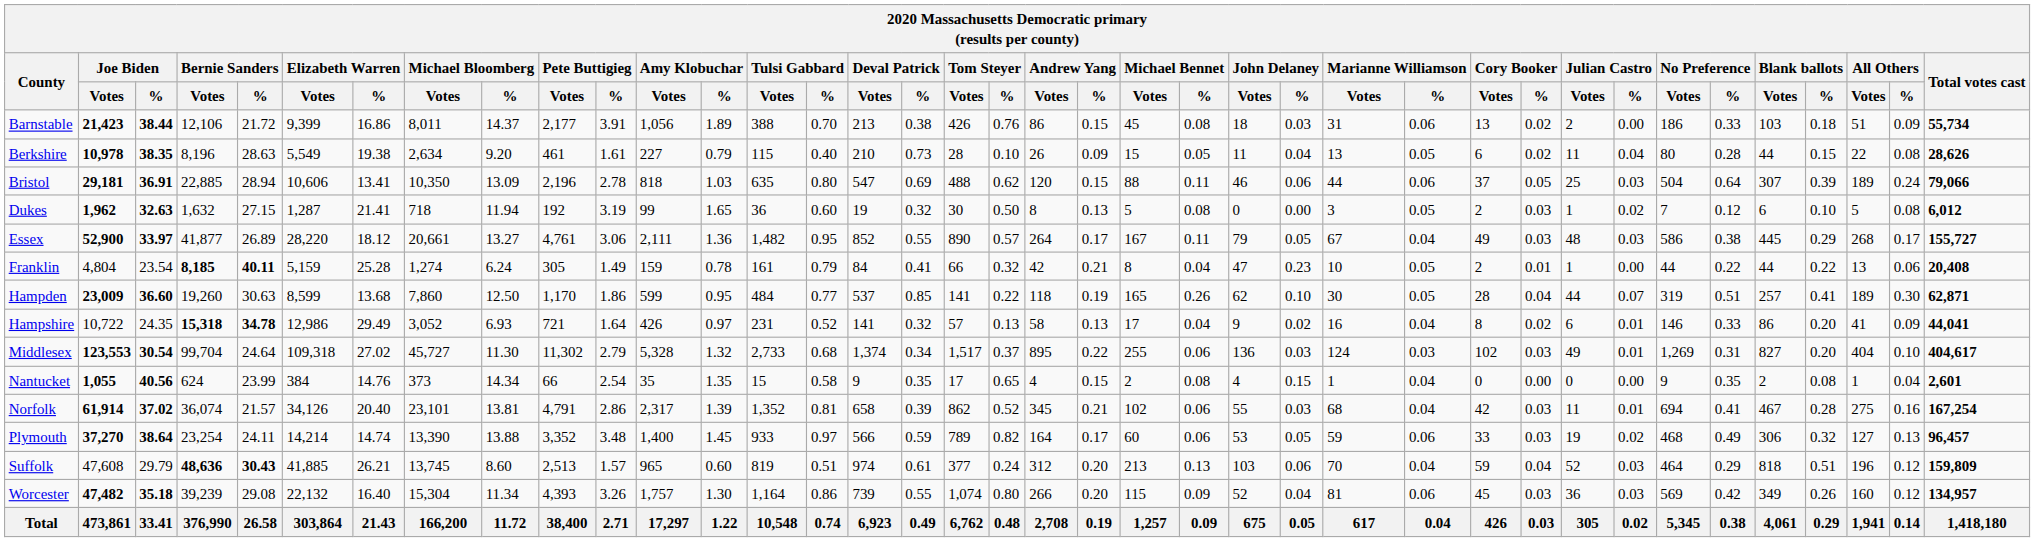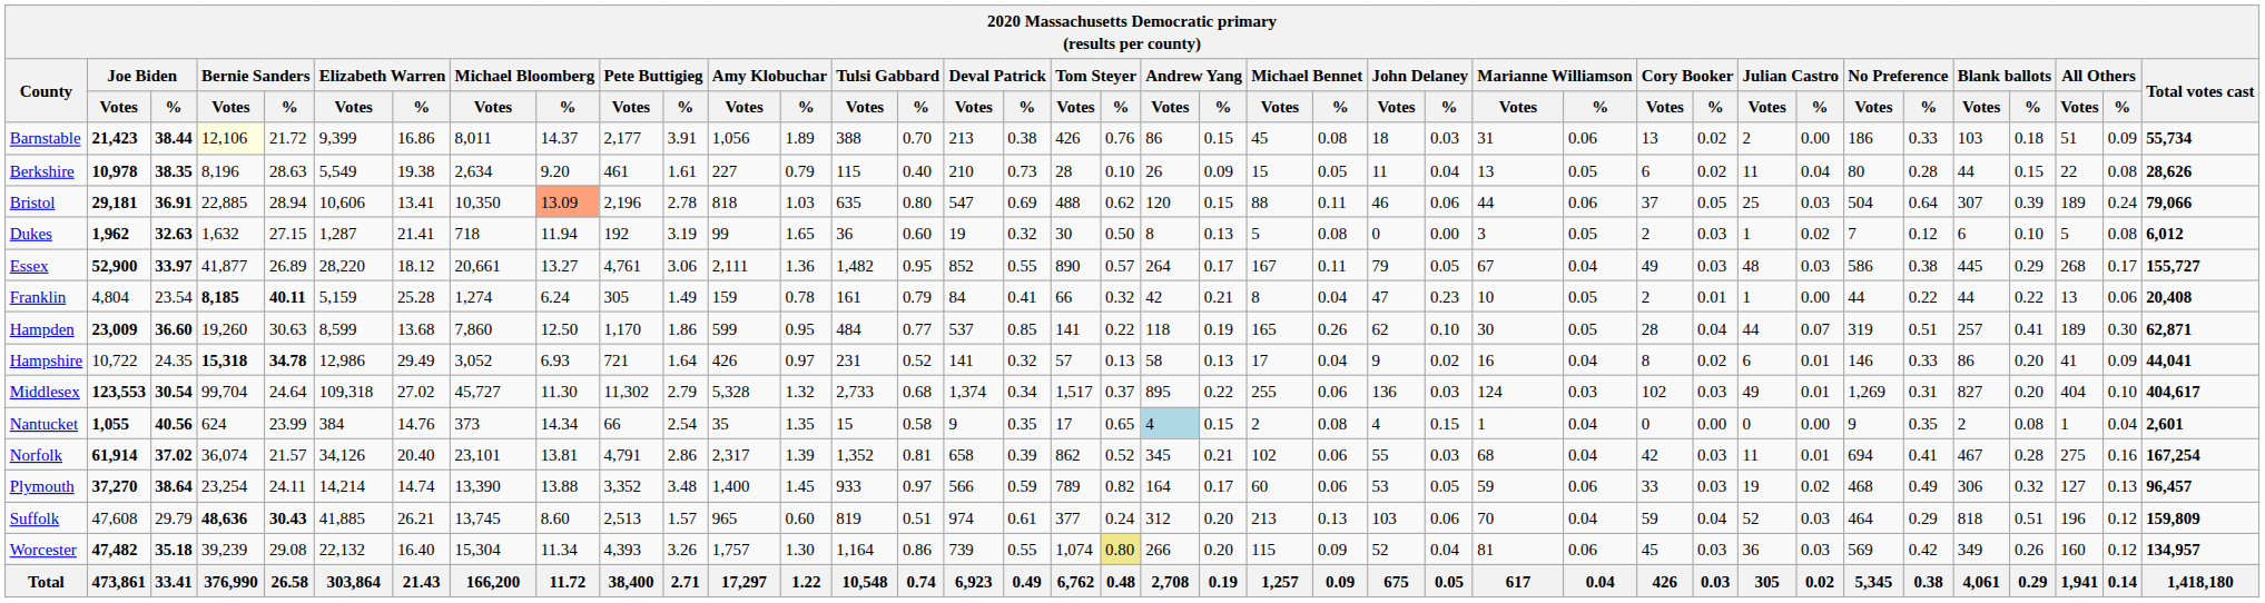 <table class="wikitable sortable mw-collapsible mw-collapsed">
 <tr>
 <th colspan="38"><small>2020 Massachusetts Democratic primary</small><br><small>(results per county)</small></th>
 </tr>
 <tr>
 <th rowspan="2"><small>County</small></th>
 <th colspan="2"><small>Joe Biden</small></th>
 <th colspan="2"><small>Bernie Sanders</small></th>
 <th colspan="2"><small>Elizabeth Warren</small></th>
 <th colspan="2"><small>Michael Bloomberg</small></th>
 <th colspan="2"><small>Pete Buttigieg</small></th>
 <th colspan="2"><small>Amy Klobuchar</small></th>
 <th colspan="2"><small>Tulsi Gabbard</small></th>
 <th colspan="2"><small>Deval Patrick</small></th>
 <th colspan="2"><small>Tom Steyer</small></th>
 <th colspan="2"><small>Andrew Yang</small></th>
 <th colspan="2"><small>Michael Bennet</small></th>
 <th colspan="2"><small>John Delaney</small></th>
 <th colspan="2"><small>Marianne Williamson</small></th>
 <th colspan="2"><small>Cory Booker</small></th>
 <th colspan="2"><small>Julian Castro</small></th>
 <th colspan="2"><small>No Preference</small></th>
 <th colspan="2"><small>Blank ballots</small></th>
 <th colspan="2"><small>All Others</small></th>
 <th rowspan="2"><small>Total votes cast</small></th>
 </tr>
 <tr>
 <th><small>Votes</small></th>
 <th><small>%</small></th>
 <th><small>Votes</small></th>
 <th><small>%</small></th>
 <th><small>Votes</small></th>
 <th><small>%</small></th>
 <th><small>Votes</small></th>
 <th><small>%</small></th>
 <th><small>Votes</small></th>
 <th><small>%</small></th>
 <th><small>Votes</small></th>
 <th><small>%</small></th>
 <th><small>Votes</small></th>
 <th><small>%</small></th>
 <th><small>Votes</small></th>
 <th><small>%</small></th>
 <th><small>Votes</small></th>
 <th><small>%</small></th>
 <th><small>Votes</small></th>
 <th><small>%</small></th>
 <th><small>Votes</small></th>
 <th><small>%</small></th>
 <th><small>Votes</small></th>
 <th><small>%</small></th>
 <th><small>Votes</small></th>
 <th><small>%</small></th>
 <th><small>Votes</small></th>
 <th><small>%</small></th>
 <th><small>Votes</small></th>
 <th><small>%</small></th>
 <th><small>Votes</small></th>
 <th><small>%</small></th>
 <th><small>Votes</small></th>
 <th><small>%</small></th>
 <th><small>Votes</small></th>
 <th><small>%</small></th>
 </tr>
 <tr>
 <td><a href='#'><small>Barnstable</small></a></td>
 <td><small><strong>21,423</strong></small></td>
 <td><small><strong>38.44</strong></small></td>
-<td><small>12,106</small></td>
+<td style="background: lightyellow;"><small>12,106</small></td>
 <td><small>21.72</small></td>
 <td><small>9,399</small></td>
 <td><small>16.86</small></td>
 <td><small>8,011</small></td>
 <td><small>14.37</small></td>
 <td><small>2,177</small></td>
 <td><small>3.91</small></td>
 <td><small>1,056</small></td>
 <td><small>1.89</small></td>
 <td><small>388</small></td>
 <td><small>0.70</small></td>
 <td><small>213</small></td>
 <td><small>0.38</small></td>
 <td><small>426</small></td>
 <td><small>0.76</small></td>
 <td><small>86</small></td>
 <td><small>0.15</small></td>
 <td><small>45</small></td>
 <td><small>0.08</small></td>
 <td><small>18</small></td>
 <td><small>0.03</small></td>
 <td><small>31</small></td>
 <td><small>0.06</small></td>
 <td><small>13</small></td>
 <td><small>0.02</small></td>
 <td><small>2</small></td>
 <td><small>0.00</small></td>
 <td><small>186</small></td>
 <td><small>0.33</small></td>
 <td><small>103</small></td>
 <td><small>0.18</small></td>
 <td><small>51</small></td>
 <td><small>0.09</small></td>
 <td><strong><small>55,734</small></strong></td>
 </tr>
 <tr>
 <td><a href='#'><small>Berkshire</small></a></td>
 <td><small><strong>10,978</strong></small></td>
 <td><small><strong>38.35</strong></small></td>
 <td><small>8,196</small></td>
 <td><small>28.63</small></td>
 <td><small>5,549</small></td>
 <td><small>19.38</small></td>
 <td><small>2,634</small></td>
 <td><small>9.20</small></td>
 <td><small>461</small></td>
 <td><small>1.61</small></td>
 <td><small>227</small></td>
 <td><small>0.79</small></td>
 <td><small>115</small></td>
 <td><small>0.40</small></td>
 <td><small>210</small></td>
 <td><small>0.73</small></td>
 <td><small>28</small></td>
 <td><small>0.10</small></td>
 <td><small>26</small></td>
 <td><small>0.09</small></td>
 <td><small>15</small></td>
 <td><small>0.05</small></td>
 <td><small>11</small></td>
 <td><small>0.04</small></td>
 <td><small>13</small></td>
 <td><small>0.05</small></td>
 <td><small>6</small></td>
 <td><small>0.02</small></td>
 <td><small>11</small></td>
 <td><small>0.04</small></td>
 <td><small>80</small></td>
 <td><small>0.28</small></td>
 <td><small>44</small></td>
 <td><small>0.15</small></td>
 <td><small>22</small></td>
 <td><small>0.08</small></td>
 <td><strong><small>28,626</small></strong></td>
 </tr>
 <tr>
 <td><a href='#'><small>Bristol</small></a></td>
 <td><small><strong>29,181</strong></small></td>
 <td><small><strong>36.91</strong></small></td>
 <td><small>22,885</small></td>
 <td><small>28.94</small></td>
 <td><small>10,606</small></td>
 <td><small>13.41</small></td>
 <td><small>10,350</small></td>
-<td><small>13.09</small></td>
+<td style="background: lightsalmon;"><small>13.09</small></td>
 <td><small>2,196</small></td>
 <td><small>2.78</small></td>
 <td><small>818</small></td>
 <td><small>1.03</small></td>
 <td><small>635</small></td>
 <td><small>0.80</small></td>
 <td><small>547</small></td>
 <td><small>0.69</small></td>
 <td><small>488</small></td>
 <td><small>0.62</small></td>
 <td><small>120</small></td>
 <td><small>0.15</small></td>
 <td><small>88</small></td>
 <td><small>0.11</small></td>
 <td><small>46</small></td>
 <td><small>0.06</small></td>
 <td><small>44</small></td>
 <td><small>0.06</small></td>
 <td><small>37</small></td>
 <td><small>0.05</small></td>
 <td><small>25</small></td>
 <td><small>0.03</small></td>
 <td><small>504</small></td>
 <td><small>0.64</small></td>
 <td><small>307</small></td>
 <td><small>0.39</small></td>
 <td><small>189</small></td>
 <td><small>0.24</small></td>
 <td><strong><small>79,066</small></strong></td>
 </tr>
 <tr>
 <td><a href='#'><small>Dukes</small></a></td>
 <td><small><strong>1,962</strong></small></td>
 <td><small><strong>32.63</strong></small></td>
 <td><small>1,632</small></td>
 <td><small>27.15</small></td>
 <td><small>1,287</small></td>
 <td><small>21.41</small></td>
 <td><small>718</small></td>
 <td><small>11.94</small></td>
 <td><small>192</small></td>
 <td><small>3.19</small></td>
 <td><small>99</small></td>
 <td><small>1.65</small></td>
 <td><small>36</small></td>
 <td><small>0.60</small></td>
 <td><small>19</small></td>
 <td><small>0.32</small></td>
 <td><small>30</small></td>
 <td><small>0.50</small></td>
 <td><small>8</small></td>
 <td><small>0.13</small></td>
 <td><small>5</small></td>
 <td><small>0.08</small></td>
 <td><small>0</small></td>
 <td><small>0.00</small></td>
 <td><small>3</small></td>
 <td><small>0.05</small></td>
 <td><small>2</small></td>
 <td><small>0.03</small></td>
 <td><small>1</small></td>
 <td><small>0.02</small></td>
 <td><small>7</small></td>
 <td><small>0.12</small></td>
 <td><small>6</small></td>
 <td><small>0.10</small></td>
 <td><small>5</small></td>
 <td><small>0.08</small></td>
 <td><strong><small>6,012</small></strong></td>
 </tr>
 <tr>
 <td><a href='#'><small>Essex</small></a></td>
 <td><small><strong>52,900</strong></small></td>
 <td><small><strong>33.97</strong></small></td>
 <td><small>41,877</small></td>
 <td><small>26.89</small></td>
 <td><small>28,220</small></td>
 <td><small>18.12</small></td>
 <td><small>20,661</small></td>
 <td><small>13.27</small></td>
 <td><small>4,761</small></td>
 <td><small>3.06</small></td>
 <td><small>2,111</small></td>
 <td><small>1.36</small></td>
 <td><small>1,482</small></td>
 <td><small>0.95</small></td>
 <td><small>852</small></td>
 <td><small>0.55</small></td>
 <td><small>890</small></td>
 <td><small>0.57</small></td>
 <td><small>264</small></td>
 <td><small>0.17</small></td>
 <td><small>167</small></td>
 <td><small>0.11</small></td>
 <td><small>79</small></td>
 <td><small>0.05</small></td>
 <td><small>67</small></td>
 <td><small>0.04</small></td>
 <td><small>49</small></td>
 <td><small>0.03</small></td>
 <td><small>48</small></td>
 <td><small>0.03</small></td>
 <td><small>586</small></td>
 <td><small>0.38</small></td>
 <td><small>445</small></td>
 <td><small>0.29</small></td>
 <td><small>268</small></td>
 <td><small>0.17</small></td>
 <td><strong><small>155,727</small></strong></td>
 </tr>
 <tr>
 <td><a href='#'><small>Franklin</small></a></td>
 <td><small>4,804</small></td>
 <td><small>23.54</small></td>
 <td><small><strong>8,185</strong></small></td>
 <td><small><strong>40.11</strong></small></td>
 <td><small>5,159</small></td>
 <td><small>25.28</small></td>
 <td><small>1,274</small></td>
 <td><small>6.24</small></td>
 <td><small>305</small></td>
 <td><small>1.49</small></td>
 <td><small>159</small></td>
 <td><small>0.78</small></td>
 <td><small>161</small></td>
 <td><small>0.79</small></td>
 <td><small>84</small></td>
 <td><small>0.41</small></td>
 <td><small>66</small></td>
 <td><small>0.32</small></td>
 <td><small>42</small></td>
 <td><small>0.21</small></td>
 <td><small>8</small></td>
 <td><small>0.04</small></td>
 <td><small>47</small></td>
 <td><small>0.23</small></td>
 <td><small>10</small></td>
 <td><small>0.05</small></td>
 <td><small>2</small></td>
 <td><small>0.01</small></td>
 <td><small>1</small></td>
 <td><small>0.00</small></td>
 <td><small>44</small></td>
 <td><small>0.22</small></td>
 <td><small>44</small></td>
 <td><small>0.22</small></td>
 <td><small>13</small></td>
 <td><small>0.06</small></td>
 <td><strong><small>20,408</small></strong></td>
 </tr>
 <tr>
 <td><a href='#'><small>Hampden</small></a></td>
 <td><small><strong>23,009</strong></small></td>
 <td><small><strong>36.60</strong></small></td>
 <td><small>19,260</small></td>
 <td><small>30.63</small></td>
 <td><small>8,599</small></td>
 <td><small>13.68</small></td>
 <td><small>7,860</small></td>
 <td><small>12.50</small></td>
 <td><small>1,170</small></td>
 <td><small>1.86</small></td>
 <td><small>599</small></td>
 <td><small>0.95</small></td>
 <td><small>484</small></td>
 <td><small>0.77</small></td>
 <td><small>537</small></td>
 <td><small>0.85</small></td>
 <td><small>141</small></td>
 <td><small>0.22</small></td>
 <td><small>118</small></td>
 <td><small>0.19</small></td>
 <td><small>165</small></td>
 <td><small>0.26</small></td>
 <td><small>62</small></td>
 <td><small>0.10</small></td>
 <td><small>30</small></td>
 <td><small>0.05</small></td>
 <td><small>28</small></td>
 <td><small>0.04</small></td>
 <td><small>44</small></td>
 <td><small>0.07</small></td>
 <td><small>319</small></td>
 <td><small>0.51</small></td>
 <td><small>257</small></td>
 <td><small>0.41</small></td>
 <td><small>189</small></td>
 <td><small>0.30</small></td>
 <td><strong><small>62,871</small></strong></td>
 </tr>
 <tr>
 <td><a href='#'><small>Hampshire</small></a></td>
 <td><small>10,722</small></td>
 <td><small>24.35</small></td>
 <td><small><strong>15,318</strong></small></td>
 <td><small><strong>34.78</strong></small></td>
 <td><small>12,986</small></td>
 <td><small>29.49</small></td>
 <td><small>3,052</small></td>
 <td><small>6.93</small></td>
 <td><small>721</small></td>
 <td><small>1.64</small></td>
 <td><small>426</small></td>
 <td><small>0.97</small></td>
 <td><small>231</small></td>
 <td><small>0.52</small></td>
 <td><small>141</small></td>
 <td><small>0.32</small></td>
 <td><small>57</small></td>
 <td><small>0.13</small></td>
 <td><small>58</small></td>
 <td><small>0.13</small></td>
 <td><small>17</small></td>
 <td><small>0.04</small></td>
 <td><small>9</small></td>
 <td><small>0.02</small></td>
 <td><small>16</small></td>
 <td><small>0.04</small></td>
 <td><small>8</small></td>
 <td><small>0.02</small></td>
 <td><small>6</small></td>
 <td><small>0.01</small></td>
 <td><small>146</small></td>
 <td><small>0.33</small></td>
 <td><small>86</small></td>
 <td><small>0.20</small></td>
 <td><small>41</small></td>
 <td><small>0.09</small></td>
 <td><strong><small>44,041</small></strong></td>
 </tr>
 <tr>
 <td><a href='#'><small>Middlesex</small></a></td>
 <td><small><strong>123,553</strong></small></td>
 <td><small><strong>30.54</strong></small></td>
 <td><small>99,704</small></td>
 <td><small>24.64</small></td>
 <td><small>109,318</small></td>
 <td><small>27.02</small></td>
 <td><small>45,727</small></td>
 <td><small>11.30</small></td>
 <td><small>11,302</small></td>
 <td><small>2.79</small></td>
 <td><small>5,328</small></td>
 <td><small>1.32</small></td>
 <td><small>2,733</small></td>
 <td><small>0.68</small></td>
 <td><small>1,374</small></td>
 <td><small>0.34</small></td>
 <td><small>1,517</small></td>
 <td><small>0.37</small></td>
 <td><small>895</small></td>
 <td><small>0.22</small></td>
 <td><small>255</small></td>
 <td><small>0.06</small></td>
 <td><small>136</small></td>
 <td><small>0.03</small></td>
 <td><small>124</small></td>
 <td><small>0.03</small></td>
 <td><small>102</small></td>
 <td><small>0.03</small></td>
 <td><small>49</small></td>
 <td><small>0.01</small></td>
 <td><small>1,269</small></td>
 <td><small>0.31</small></td>
 <td><small>827</small></td>
 <td><small>0.20</small></td>
 <td><small>404</small></td>
 <td><small>0.10</small></td>
 <td><strong><small>404,617</small></strong></td>
 </tr>
 <tr>
 <td><a href='#'><small>Nantucket</small></a></td>
 <td><small><strong>1,055</strong></small></td>
 <td><small><strong>40.56</strong></small></td>
 <td><small>624</small></td>
 <td><small>23.99</small></td>
 <td><small>384</small></td>
 <td><small>14.76</small></td>
 <td><small>373</small></td>
 <td><small>14.34</small></td>
 <td><small>66</small></td>
 <td><small>2.54</small></td>
 <td><small>35</small></td>
 <td><small>1.35</small></td>
 <td><small>15</small></td>
 <td><small>0.58</small></td>
 <td><small>9</small></td>
 <td><small>0.35</small></td>
 <td><small>17</small></td>
 <td><small>0.65</small></td>
-<td><small>4</small></td>
+<td style="background: lightblue;"><small>4</small></td>
 <td><small>0.15</small></td>
 <td><small>2</small></td>
 <td><small>0.08</small></td>
 <td><small>4</small></td>
 <td><small>0.15</small></td>
 <td><small>1</small></td>
 <td><small>0.04</small></td>
 <td><small>0</small></td>
 <td><small>0.00</small></td>
 <td><small>0</small></td>
 <td><small>0.00</small></td>
 <td><small>9</small></td>
 <td><small>0.35</small></td>
 <td><small>2</small></td>
 <td><small>0.08</small></td>
 <td><small>1</small></td>
 <td><small>0.04</small></td>
 <td><strong><small>2,601</small></strong></td>
 </tr>
 <tr>
 <td><a href='#'><small>Norfolk</small></a></td>
 <td><small><strong>61,914</strong></small></td>
 <td><small><strong>37.02</strong></small></td>
 <td><small>36,074</small></td>
 <td><small>21.57</small></td>
 <td><small>34,126</small></td>
 <td><small>20.40</small></td>
 <td><small>23,101</small></td>
 <td><small>13.81</small></td>
 <td><small>4,791</small></td>
 <td><small>2.86</small></td>
 <td><small>2,317</small></td>
 <td><small>1.39</small></td>
 <td><small>1,352</small></td>
 <td><small>0.81</small></td>
 <td><small>658</small></td>
 <td><small>0.39</small></td>
 <td><small>862</small></td>
 <td><small>0.52</small></td>
 <td><small>345</small></td>
 <td><small>0.21</small></td>
 <td><small>102</small></td>
 <td><small>0.06</small></td>
 <td><small>55</small></td>
 <td><small>0.03</small></td>
 <td><small>68</small></td>
 <td><small>0.04</small></td>
 <td><small>42</small></td>
 <td><small>0.03</small></td>
 <td><small>11</small></td>
 <td><small>0.01</small></td>
 <td><small>694</small></td>
 <td><small>0.41</small></td>
 <td><small>467</small></td>
 <td><small>0.28</small></td>
 <td><small>275</small></td>
 <td><small>0.16</small></td>
 <td><strong><small>167,254</small></strong></td>
 </tr>
 <tr>
 <td><a href='#'><small>Plymouth</small></a></td>
 <td><small><strong>37,270</strong></small></td>
 <td><small><strong>38.64</strong></small></td>
 <td><small>23,254</small></td>
 <td><small>24.11</small></td>
 <td><small>14,214</small></td>
 <td><small>14.74</small></td>
 <td><small>13,390</small></td>
 <td><small>13.88</small></td>
 <td><small>3,352</small></td>
 <td><small>3.48</small></td>
 <td><small>1,400</small></td>
 <td><small>1.45</small></td>
 <td><small>933</small></td>
 <td><small>0.97</small></td>
 <td><small>566</small></td>
 <td><small>0.59</small></td>
 <td><small>789</small></td>
 <td><small>0.82</small></td>
 <td><small>164</small></td>
 <td><small>0.17</small></td>
 <td><small>60</small></td>
 <td><small>0.06</small></td>
 <td><small>53</small></td>
 <td><small>0.05</small></td>
 <td><small>59</small></td>
 <td><small>0.06</small></td>
 <td><small>33</small></td>
 <td><small>0.03</small></td>
 <td><small>19</small></td>
 <td><small>0.02</small></td>
 <td><small>468</small></td>
 <td><small>0.49</small></td>
 <td><small>306</small></td>
 <td><small>0.32</small></td>
 <td><small>127</small></td>
 <td><small>0.13</small></td>
 <td><strong><small>96,457</small></strong></td>
 </tr>
 <tr>
 <td><a href='#'><small>Suffolk</small></a></td>
 <td><small>47,608</small></td>
 <td><small>29.79</small></td>
 <td><small><strong>48,636</strong></small></td>
 <td><small><strong>30.43</strong></small></td>
 <td><small>41,885</small></td>
 <td><small>26.21</small></td>
 <td><small>13,745</small></td>
 <td><small>8.60</small></td>
 <td><small>2,513</small></td>
 <td><small>1.57</small></td>
 <td><small>965</small></td>
 <td><small>0.60</small></td>
 <td><small>819</small></td>
 <td><small>0.51</small></td>
 <td><small>974</small></td>
 <td><small>0.61</small></td>
 <td><small>377</small></td>
 <td><small>0.24</small></td>
 <td><small>312</small></td>
 <td><small>0.20</small></td>
 <td><small>213</small></td>
 <td><small>0.13</small></td>
 <td><small>103</small></td>
 <td><small>0.06</small></td>
 <td><small>70</small></td>
 <td><small>0.04</small></td>
 <td><small>59</small></td>
 <td><small>0.04</small></td>
 <td><small>52</small></td>
 <td><small>0.03</small></td>
 <td><small>464</small></td>
 <td><small>0.29</small></td>
 <td><small>818</small></td>
 <td><small>0.51</small></td>
 <td><small>196</small></td>
 <td><small>0.12</small></td>
 <td><strong><small>159,809</small></strong></td>
 </tr>
 <tr>
 <td><a href='#'><small>Worcester</small></a></td>
 <td><small><strong>47,482</strong></small></td>
 <td><small><strong>35.18</strong></small></td>
 <td><small>39,239</small></td>
 <td><small>29.08</small></td>
 <td><small>22,132</small></td>
 <td><small>16.40</small></td>
 <td><small>15,304</small></td>
 <td><small>11.34</small></td>
 <td><small>4,393</small></td>
 <td><small>3.26</small></td>
 <td><small>1,757</small></td>
 <td><small>1.30</small></td>
 <td><small>1,164</small></td>
 <td><small>0.86</small></td>
 <td><small>739</small></td>
 <td><small>0.55</small></td>
 <td><small>1,074</small></td>
-<td><small>0.80</small></td>
+<td style="background: khaki;"><small>0.80</small></td>
 <td><small>266</small></td>
 <td><small>0.20</small></td>
 <td><small>115</small></td>
 <td><small>0.09</small></td>
 <td><small>52</small></td>
 <td><small>0.04</small></td>
 <td><small>81</small></td>
 <td><small>0.06</small></td>
 <td><small>45</small></td>
 <td><small>0.03</small></td>
 <td><small>36</small></td>
 <td><small>0.03</small></td>
 <td><small>569</small></td>
 <td><small>0.42</small></td>
 <td><small>349</small></td>
 <td><small>0.26</small></td>
 <td><small>160</small></td>
 <td><small>0.12</small></td>
 <td><strong><small>134,957</small></strong></td>
 </tr>
 <tr>
 <th><small>Total</small></th>
 <th><small>473,861</small></th>
 <th><small>33.41</small></th>
 <th><small>376,990</small></th>
 <th><small>26.58</small></th>
 <th><small>303,864</small></th>
 <th><small>21.43</small></th>
 <th><small>166,200</small></th>
 <th><small>11.72</small></th>
 <th><small>38,400</small></th>
 <th><small>2.71</small></th>
 <th><small>17,297</small></th>
 <th><small>1.22</small></th>
 <th><small>10,548</small></th>
 <th><small>0.74</small></th>
 <th><small>6,923</small></th>
 <th><small>0.49</small></th>
 <th><small>6,762</small></th>
 <th><small>0.48</small></th>
 <th><small>2,708</small></th>
 <th><small>0.19</small></th>
 <th><small>1,257</small></th>
 <th><small>0.09</small></th>
 <th><small>675</small></th>
 <th><small>0.05</small></th>
 <th><small>617</small></th>
 <th><small>0.04</small></th>
 <th><small>426</small></th>
 <th><small>0.03</small></th>
 <th><small>305</small></th>
 <th><small>0.02</small></th>
 <th><small>5,345</small></th>
 <th><small>0.38</small></th>
 <th><small>4,061</small></th>
 <th><small>0.29</small></th>
 <th><small>1,941</small></th>
 <th><small>0.14</small></th>
 <th><small>1,418,180</small></th>
 </tr>
 </table>
